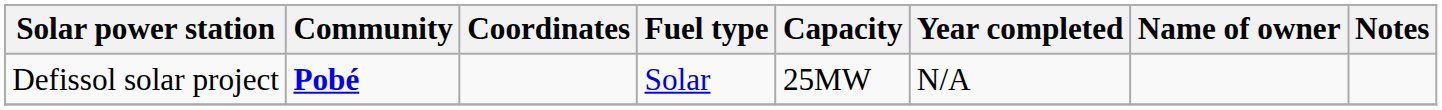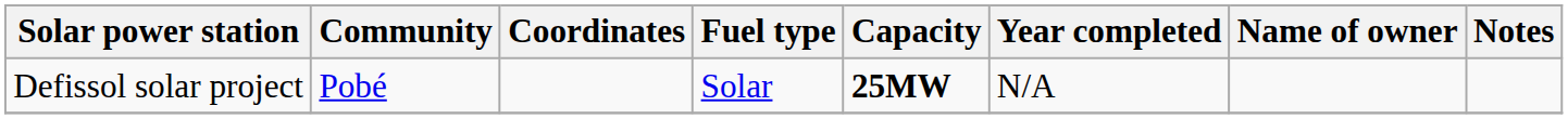 <table class="wikitable sortable">
 <tr>
 <th>Solar power station</th>
 <th>Community</th>
 <th>Coordinates</th>
 <th>Fuel type</th>
 <th>Capacity</th>
 <th>Year completed</th>
 <th>Name of owner</th>
 <th>Notes</th>
 </tr>
 <tr>
 <td>Defissol solar project</td>
-<td><strong><a href='#'>Pobé</a></strong></td>
+<td><a href='#'>Pobé</a></td>
 <td></td>
 <td><a href='#'>Solar</a></td>
-<td>25MW</td>
+<td><strong>25MW</strong></td>
 <td>N/A</td>
 <td></td>
 <td></td>
 </tr>
 <tr>
 </tr>
 </table>
